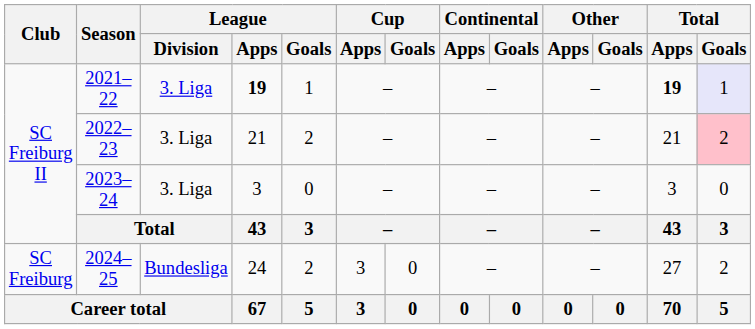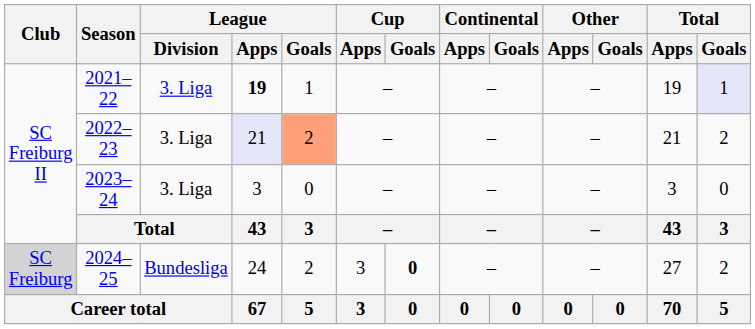 <table class="wikitable" style="text-align:center">
 <tr>
 <th rowspan="2">Club</th>
 <th rowspan="2">Season</th>
 <th colspan="3">League</th>
 <th colspan="2">Cup</th>
 <th colspan="2">Continental</th>
 <th colspan="2">Other</th>
 <th colspan="2">Total</th>
 </tr>
 <tr>
 <th>Division</th>
 <th>Apps</th>
 <th>Goals</th>
 <th>Apps</th>
 <th>Goals</th>
 <th>Apps</th>
 <th>Goals</th>
 <th>Apps</th>
 <th>Goals</th>
 <th>Apps</th>
 <th>Goals</th>
 </tr>
 <tr>
 <td rowspan="4"><a href='#'>SC Freiburg II</a></td>
 <td><a href='#'>2021–22</a></td>
 <td><a href='#'>3. Liga</a></td>
 <td><strong>19</strong></td>
 <td>1</td>
 <td colspan="2">–</td>
 <td colspan="2">–</td>
 <td colspan="2">–</td>
-<td><strong>19</strong></td>
+<td>19</td>
 <td style="background: lavender;">1</td>
 </tr>
 <tr>
 <td><a href='#'>2022–23</a></td>
 <td>3. Liga</td>
-<td>21</td>
-<td>2</td>
+<td style="background: lavender;">21</td>
+<td style="background: lightsalmon;">2</td>
 <td colspan="2">–</td>
 <td colspan="2">–</td>
 <td colspan="2">–</td>
 <td>21</td>
-<td style="background: pink;">2</td>
+<td>2</td>
 </tr>
 <tr>
 <td><a href='#'>2023–24</a></td>
 <td>3. Liga</td>
 <td>3</td>
 <td>0</td>
 <td colspan="2">–</td>
 <td colspan="2">–</td>
 <td colspan="2">–</td>
 <td>3</td>
 <td>0</td>
 </tr>
 <tr>
 <th colspan="2">Total</th>
 <th>43</th>
 <th>3</th>
 <th colspan="2">–</th>
 <th colspan="2">–</th>
 <th colspan="2">–</th>
 <th>43</th>
 <th>3</th>
 </tr>
 <tr>
-<td><a href='#'>SC Freiburg</a></td>
+<td style="background: lightgrey;"><a href='#'>SC Freiburg</a></td>
 <td><a href='#'>2024–25</a></td>
 <td><a href='#'>Bundesliga</a></td>
 <td>24</td>
 <td>2</td>
 <td>3</td>
-<td>0</td>
+<td><strong>0</strong></td>
 <td colspan="2">–</td>
 <td colspan="2">–</td>
 <td>27</td>
 <td>2</td>
 </tr>
 <tr>
 <th colspan="3">Career total</th>
 <th>67</th>
 <th>5</th>
 <th>3</th>
 <th>0</th>
 <th>0</th>
 <th>0</th>
 <th>0</th>
 <th>0</th>
 <th>70</th>
 <th>5</th>
 </tr>
 </table>
